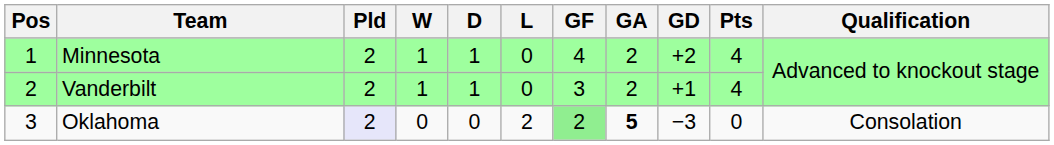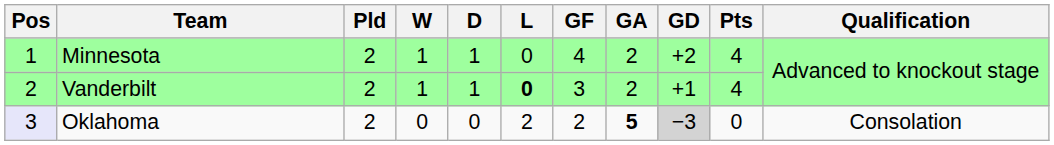 <table class="wikitable" style="text-align:center; margin: 1em auto">
 <tr>
 <th style="width:2em">Pos</th>
 <th style="width:13em">Team</th>
 <th style="width:2em">Pld</th>
 <th style="width:2em">W</th>
 <th style="width:2em">D</th>
 <th style="width:2em">L</th>
 <th style="width:2em">GF</th>
 <th style="width:2em">GA</th>
 <th style="width:2em">GD</th>
 <th style="width:2em">Pts</th>
 <th style="width:13em">Qualification</th>
 </tr>
 <tr bgcolor="#9eff9e">
 <td>1</td>
 <td style="text-align:left">Minnesota</td>
 <td>2</td>
 <td>1</td>
 <td>1</td>
 <td>0</td>
 <td>4</td>
 <td>2</td>
 <td>+2</td>
 <td>4</td>
 <td rowspan="2">Advanced to knockout stage</td>
 </tr>
 <tr bgcolor="#9eff9e">
 <td>2</td>
 <td style="text-align:left">Vanderbilt</td>
 <td>2</td>
 <td>1</td>
 <td>1</td>
-<td>0</td>
+<td><strong>0</strong></td>
 <td>3</td>
 <td>2</td>
 <td>+1</td>
 <td>4</td>
 </tr>
 <tr>
-<td>3</td>
+<td style="background: lavender;">3</td>
 <td style="text-align:left">Oklahoma</td>
-<td style="background: lavender;">2</td>
+<td>2</td>
 <td>0</td>
 <td>0</td>
 <td>2</td>
-<td style="background: lightgreen;">2</td>
+<td>2</td>
 <td><strong>5</strong></td>
-<td>−3</td>
+<td style="background: lightgrey;">−3</td>
 <td>0</td>
 <td>Consolation</td>
 </tr>
 </table>
